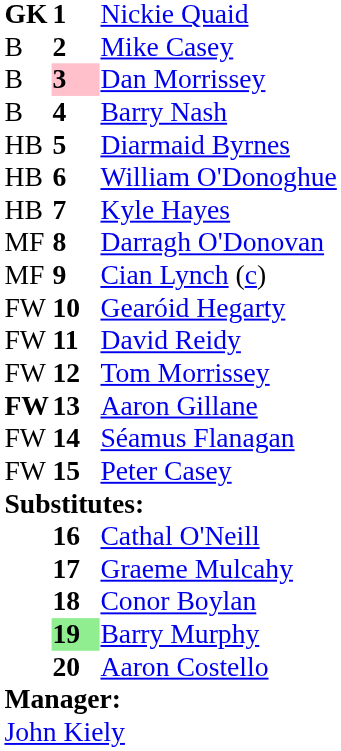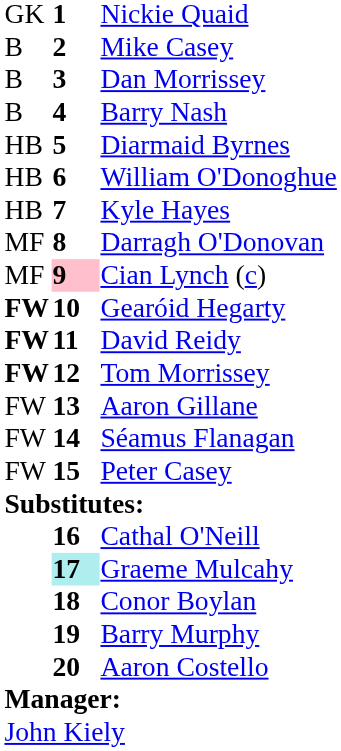 <table style="font-size:90%; margin:0.2em auto;" cellspacing="0" cellpadding="0">
 <tr>
 <th width="25"></th>
 <th width="25"></th>
 </tr>
 <tr>
-<td><strong>GK</strong></td>
+<td>GK</td>
 <td><strong>1</strong></td>
 <td><a href='#'>Nickie Quaid</a></td>
 <td></td>
 <td></td>
 </tr>
 <tr>
 <td>B</td>
 <td><strong>2</strong></td>
 <td><a href='#'>Mike Casey</a></td>
 <td></td>
 <td></td>
 </tr>
 <tr>
 <td>B</td>
-<td style="background: pink;"><strong>3</strong></td>
+<td><strong>3</strong></td>
 <td><a href='#'>Dan Morrissey</a></td>
 <td></td>
 <td></td>
 </tr>
 <tr>
 <td>B</td>
 <td><strong>4</strong></td>
 <td><a href='#'>Barry Nash</a></td>
 </tr>
 <tr>
 <td>HB</td>
 <td><strong>5</strong></td>
 <td><a href='#'>Diarmaid Byrnes</a></td>
 </tr>
 <tr>
 <td>HB</td>
 <td><strong>6</strong></td>
 <td><a href='#'>William O'Donoghue</a></td>
 </tr>
 <tr>
 <td>HB</td>
 <td><strong>7</strong></td>
 <td><a href='#'>Kyle Hayes</a></td>
 </tr>
 <tr>
 <td>MF</td>
 <td><strong>8</strong></td>
 <td><a href='#'>Darragh O'Donovan</a></td>
 <td></td>
 <td></td>
 </tr>
 <tr>
 <td>MF</td>
-<td><strong>9</strong></td>
+<td style="background: pink;"><strong>9</strong></td>
 <td><a href='#'>Cian Lynch</a> (<a href='#'>c</a>)</td>
 </tr>
 <tr>
-<td>FW</td>
+<td><strong>FW</strong></td>
 <td><strong>10</strong></td>
 <td><a href='#'>Gearóid Hegarty</a></td>
 <td></td>
 <td></td>
 </tr>
 <tr>
-<td>FW</td>
+<td><strong>FW</strong></td>
 <td><strong>11</strong></td>
 <td><a href='#'>David Reidy</a></td>
 </tr>
 <tr>
-<td>FW</td>
+<td><strong>FW</strong></td>
 <td><strong>12</strong></td>
 <td><a href='#'>Tom Morrissey</a></td>
 <td></td>
 <td></td>
 </tr>
 <tr>
-<td><strong>FW</strong></td>
+<td>FW</td>
 <td><strong>13</strong></td>
 <td><a href='#'>Aaron Gillane</a></td>
 </tr>
 <tr>
 <td>FW</td>
 <td><strong>14</strong></td>
 <td><a href='#'>Séamus Flanagan</a></td>
 <td></td>
 <td></td>
 </tr>
 <tr>
 <td>FW</td>
 <td><strong>15</strong></td>
 <td><a href='#'>Peter Casey</a></td>
 <td></td>
 <td></td>
 </tr>
 <tr>
 <td colspan=3><strong>Substitutes:</strong></td>
 </tr>
 <tr>
 <td></td>
 <td><strong>16</strong></td>
 <td><a href='#'>Cathal O'Neill</a></td>
 <td></td>
 <td></td>
 </tr>
 <tr>
 <td></td>
-<td><strong>17</strong></td>
+<td style="background: paleturquoise;"><strong>17</strong></td>
 <td><a href='#'>Graeme Mulcahy</a></td>
 <td></td>
 <td></td>
 </tr>
 <tr>
 <td></td>
 <td><strong>18</strong></td>
 <td><a href='#'>Conor Boylan</a></td>
 <td></td>
 <td></td>
 </tr>
 <tr>
 <td></td>
-<td style="background: lightgreen;"><strong>19</strong></td>
+<td><strong>19</strong></td>
 <td><a href='#'>Barry Murphy</a></td>
 <td></td>
 <td></td>
 </tr>
 <tr>
 <td></td>
 <td><strong>20</strong></td>
 <td><a href='#'>Aaron Costello</a></td>
 <td></td>
 <td></td>
 </tr>
 <tr>
 <td colspan=3><strong>Manager:</strong></td>
 </tr>
 <tr>
 <td colspan=4><a href='#'>John Kiely</a></td>
 </tr>
 </table>
